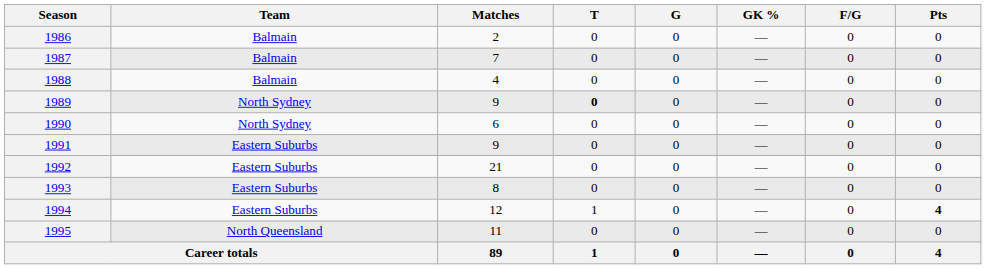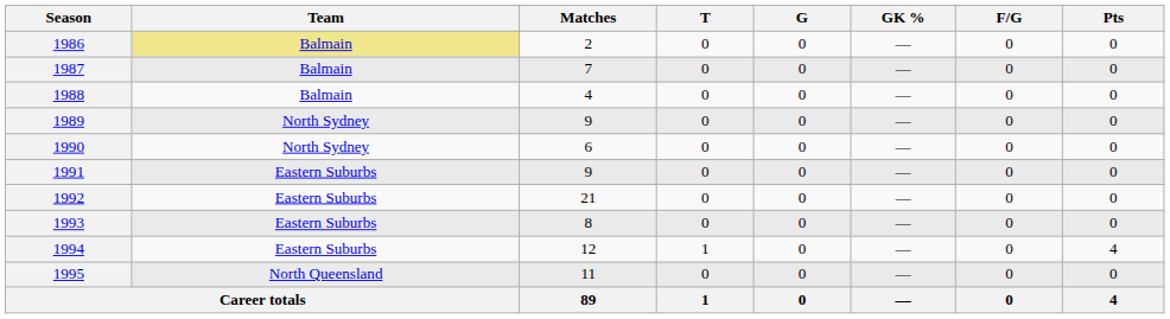 <table class="wikitable sortable"  style="font-size:90%; text-align:center; width:85%;">
 <tr>
 <th width=2%>Season</th>
 <th width=8%>Team</th>
 <th width=2%>Matches</th>
 <th width=2%>T</th>
 <th width=2%>G</th>
 <th width=2%>GK %</th>
 <th width=2%>F/G</th>
 <th width=2%>Pts</th>
 </tr>
 <tr>
 <th scope="row" style="text-align:center; font-weight:normal"><a href='#'>1986</a></th>
-<td style="text-align:center;"> <a href='#'>Balmain</a></td>
+<td style="background: khaki; text-align:center;"> <a href='#'>Balmain</a></td>
 <td>2</td>
 <td>0</td>
 <td>0</td>
 <td>—</td>
 <td>0</td>
 <td>0</td>
 </tr>
 <tr style="background-color: #EAEAEA">
 <th scope="row" style="text-align:center; font-weight:normal"><a href='#'>1987</a></th>
 <td style="text-align:center;"> <a href='#'>Balmain</a></td>
 <td>7</td>
 <td>0</td>
 <td>0</td>
 <td>—</td>
 <td>0</td>
 <td>0</td>
 </tr>
 <tr>
 <th scope="row" style="text-align:center; font-weight:normal"><a href='#'>1988</a></th>
 <td style="text-align:center;"> <a href='#'>Balmain</a></td>
 <td>4</td>
 <td>0</td>
 <td>0</td>
 <td>—</td>
 <td>0</td>
 <td>0</td>
 </tr>
 <tr style="background-color: #EAEAEA">
 <th scope="row" style="text-align:center; font-weight:normal"><a href='#'>1989</a></th>
 <td style="text-align:center;"> <a href='#'>North Sydney</a></td>
 <td>9</td>
-<td><strong>0</strong></td>
+<td>0</td>
 <td>0</td>
 <td>—</td>
 <td>0</td>
 <td>0</td>
 </tr>
 <tr>
 <th scope="row" style="text-align:center; font-weight:normal"><a href='#'>1990</a></th>
 <td style="text-align:center;"> <a href='#'>North Sydney</a></td>
 <td>6</td>
 <td>0</td>
 <td>0</td>
 <td>—</td>
 <td>0</td>
 <td>0</td>
 </tr>
 <tr style="background-color: #EAEAEA">
 <th scope="row" style="text-align:center; font-weight:normal"><a href='#'>1991</a></th>
 <td style="text-align:center;"> <a href='#'>Eastern Suburbs</a></td>
 <td>9</td>
 <td>0</td>
 <td>0</td>
 <td>—</td>
 <td>0</td>
 <td>0</td>
 </tr>
 <tr>
 <th scope="row" style="text-align:center; font-weight:normal"><a href='#'>1992</a></th>
 <td style="text-align:center;"> <a href='#'>Eastern Suburbs</a></td>
 <td>21</td>
 <td>0</td>
 <td>0</td>
 <td>—</td>
 <td>0</td>
 <td>0</td>
 </tr>
 <tr style="background-color: #EAEAEA">
 <th scope="row" style="text-align:center; font-weight:normal"><a href='#'>1993</a></th>
 <td style="text-align:center;"> <a href='#'>Eastern Suburbs</a></td>
 <td>8</td>
 <td>0</td>
 <td>0</td>
 <td>—</td>
 <td>0</td>
 <td>0</td>
 </tr>
 <tr>
 <th scope="row" style="text-align:center; font-weight:normal"><a href='#'>1994</a></th>
 <td style="text-align:center;"> <a href='#'>Eastern Suburbs</a></td>
 <td>12</td>
 <td>1</td>
 <td>0</td>
 <td>—</td>
 <td>0</td>
-<td><strong>4</strong></td>
+<td>4</td>
 </tr>
 <tr style="background-color: #EAEAEA">
 <th scope="row" style="text-align:center; font-weight:normal"><a href='#'>1995</a></th>
 <td style="text-align:center;"> <a href='#'>North Queensland</a></td>
 <td>11</td>
 <td>0</td>
 <td>0</td>
 <td>—</td>
 <td>0</td>
 <td>0</td>
 </tr>
 <tr class="sortbottom">
 <th colspan=2>Career totals</th>
 <th>89</th>
 <th>1</th>
 <th>0</th>
 <th>—</th>
 <th>0</th>
 <th>4</th>
 </tr>
 </table>
